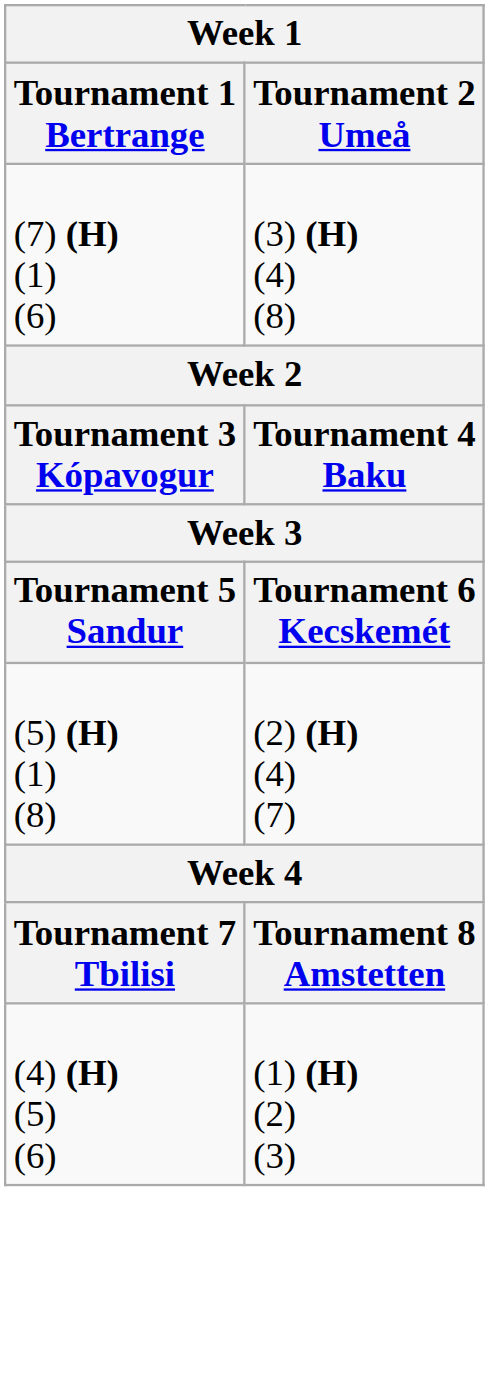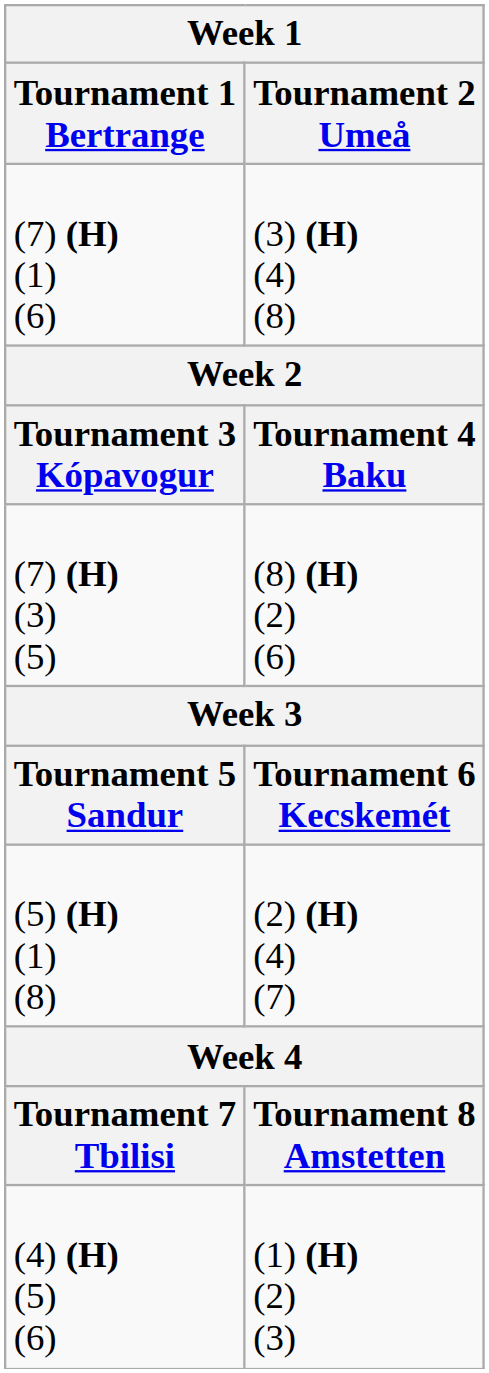 <table class="wikitable">
 <tr>
 <th colspan="2">Week 1</th>
 </tr>
 <tr>
 <th width=50%>Tournament 1<br> <a href='#'>Bertrange</a></th>
 <th width=50%>Tournament 2<br> <a href='#'>Umeå</a></th>
 </tr>
 <tr>
 <td><br> (7) <strong>(H)</strong><br>  (1)<br>  (6)</td>
 <td><br> (3) <strong>(H)</strong><br>  (4)<br>  (8)</td>
 </tr>
 <tr>
 <th colspan="2">Week 2</th>
 </tr>
 <tr>
 <th width=50%>Tournament 3<br> <a href='#'>Kópavogur</a></th>
 <th width=50%>Tournament 4<br> <a href='#'>Baku</a></th>
+</tr>
+<tr>
+<td><br> (7) <strong>(H)</strong><br>  (3)<br>  (5)</td>
+<td><br> (8) <strong>(H)</strong><br>  (2)<br>  (6)</td>
 </tr>
 <tr>
 <th colspan="2">Week 3</th>
 </tr>
 <tr>
 <th width=50%>Tournament 5<br> <a href='#'>Sandur</a></th>
 <th width=50%>Tournament 6<br> <a href='#'>Kecskemét</a></th>
 </tr>
 <tr>
 <td><br> (5) <strong>(H)</strong><br>  (1)<br>  (8)</td>
 <td><br> (2) <strong>(H)</strong><br>  (4)<br>  (7)</td>
 </tr>
 <tr>
 <th colspan="2">Week 4</th>
 </tr>
 <tr>
 <th width=50%>Tournament 7<br> <a href='#'>Tbilisi</a></th>
 <th width=50%>Tournament 8<br> <a href='#'>Amstetten</a></th>
 </tr>
 <tr>
 <td><br> (4) <strong>(H)</strong><br>  (5)<br>  (6)</td>
 <td><br> (1) <strong>(H)</strong><br>  (2)<br>  (3)</td>
 </tr>
 </table>
